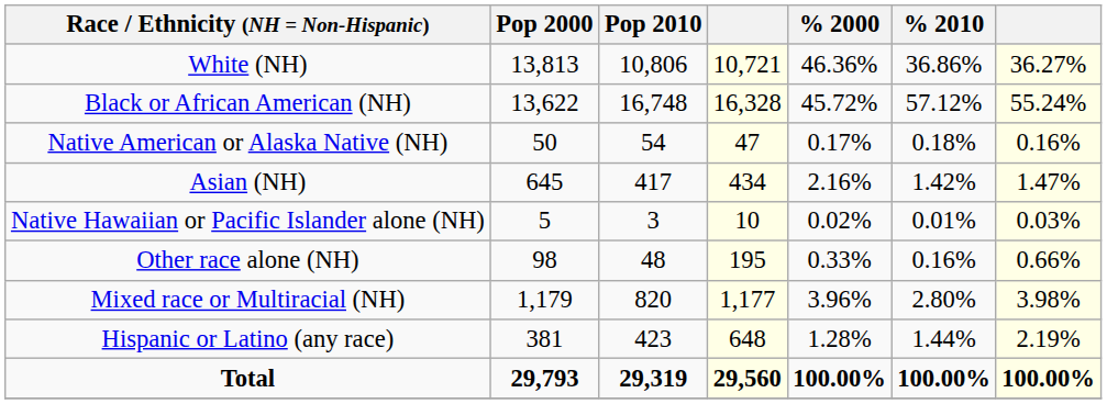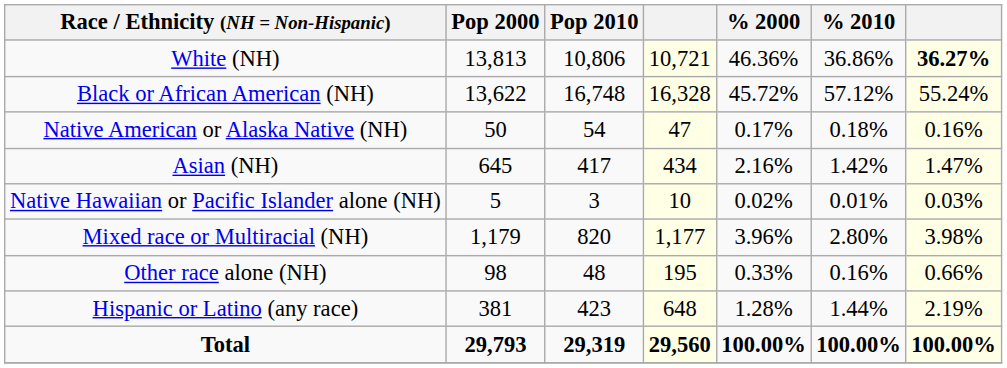 <table class="wikitable" style="text-align:center;">
 <tr>
 <th>Race / Ethnicity <small>(<em>NH = Non-Hispanic</em>)</small></th>
 <th>Pop 2000</th>
 <th>Pop 2010</th>
 <th></th>
 <th>% 2000</th>
 <th>% 2010</th>
 <th></th>
 </tr>
 <tr>
 <td><a href='#'>White</a> (NH)</td>
 <td>13,813</td>
 <td>10,806</td>
 <td style='background: #ffffe6;'>10,721</td>
 <td>46.36%</td>
 <td>36.86%</td>
-<td style='background: #ffffe6;'>36.27%</td>
+<td style='background: #ffffe6;'><strong>36.27%</strong></td>
 </tr>
 <tr>
 <td><a href='#'>Black or African American</a> (NH)</td>
 <td>13,622</td>
 <td>16,748</td>
 <td style='background: #ffffe6;'>16,328</td>
 <td>45.72%</td>
 <td>57.12%</td>
 <td style='background: #ffffe6;'>55.24%</td>
 </tr>
 <tr>
 <td><a href='#'>Native American</a> or <a href='#'>Alaska Native</a> (NH)</td>
 <td>50</td>
 <td>54</td>
 <td style='background: #ffffe6;'>47</td>
 <td>0.17%</td>
 <td>0.18%</td>
 <td style='background: #ffffe6;'>0.16%</td>
 </tr>
 <tr>
 <td><a href='#'>Asian</a> (NH)</td>
 <td>645</td>
 <td>417</td>
 <td style='background: #ffffe6;'>434</td>
 <td>2.16%</td>
 <td>1.42%</td>
 <td style='background: #ffffe6;'>1.47%</td>
 </tr>
 <tr>
 <td><a href='#'>Native Hawaiian</a> or <a href='#'>Pacific Islander</a> alone (NH)</td>
 <td>5</td>
 <td>3</td>
 <td style='background: #ffffe6;'>10</td>
 <td>0.02%</td>
 <td>0.01%</td>
 <td style='background: #ffffe6;'>0.03%</td>
 </tr>
 <tr>
+<td><a href='#'>Mixed race or Multiracial</a> (NH)</td>
+<td>1,179</td>
+<td>820</td>
+<td style='background: #ffffe6;'>1,177</td>
+<td>3.96%</td>
+<td>2.80%</td>
+<td style='background: #ffffe6;'>3.98%</td>
+</tr>
+<tr>
 <td><a href='#'>Other race</a> alone (NH)</td>
 <td>98</td>
 <td>48</td>
 <td style='background: #ffffe6;'>195</td>
 <td>0.33%</td>
 <td>0.16%</td>
 <td style='background: #ffffe6;'>0.66%</td>
-</tr>
-<tr>
-<td><a href='#'>Mixed race or Multiracial</a> (NH)</td>
-<td>1,179</td>
-<td>820</td>
-<td style='background: #ffffe6;'>1,177</td>
-<td>3.96%</td>
-<td>2.80%</td>
-<td style='background: #ffffe6;'>3.98%</td>
 </tr>
 <tr>
 <td><a href='#'>Hispanic or Latino</a> (any race)</td>
 <td>381</td>
 <td>423</td>
 <td style='background: #ffffe6;'>648</td>
 <td>1.28%</td>
 <td>1.44%</td>
 <td style='background: #ffffe6;'>2.19%</td>
 </tr>
 <tr>
 <td><strong>Total</strong></td>
 <td><strong>29,793</strong></td>
 <td><strong>29,319</strong></td>
 <td style='background: #ffffe6;'><strong>29,560</strong></td>
 <td><strong>100.00%</strong></td>
 <td><strong>100.00%</strong></td>
 <td style='background: #ffffe6;'><strong>100.00%</strong></td>
 </tr>
 <tr>
 </tr>
 </table>
